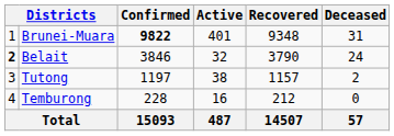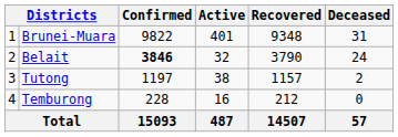 <table class="wikitable sortable mw-collapsible mw-collapsed">
 <tr>
 <th colspan="2"><a href='#'>Districts</a></th>
 <th>Confirmed</th>
 <th>Active</th>
 <th>Recovered</th>
 <th>Deceased</th>
 </tr>
 <tr align="center">
 <td>1</td>
 <td align="left"><a href='#'>Brunei-Muara</a></td>
-<td><strong>9822</strong></td>
+<td>9822</td>
 <td>401</td>
 <td>9348</td>
 <td>31</td>
 </tr>
 <tr align="center">
-<td><strong>2</strong></td>
+<td>2</td>
 <td align="left"><a href='#'>Belait</a></td>
-<td>3846</td>
+<td><strong>3846</strong></td>
 <td>32</td>
 <td>3790</td>
 <td>24</td>
 </tr>
 <tr align="center">
 <td>3</td>
 <td align="left"><a href='#'>Tutong</a></td>
 <td>1197</td>
 <td>38</td>
 <td>1157</td>
 <td>2</td>
 </tr>
 <tr align="center">
 <td>4</td>
 <td align="left"><a href='#'>Temburong</a></td>
 <td>228</td>
 <td>16</td>
 <td>212</td>
 <td>0</td>
 </tr>
 <tr>
 <th colspan="2"><strong>Total</strong></th>
 <th>15093</th>
 <th>487</th>
 <th>14507</th>
 <th>57<br></th>
 </tr>
 </table>
